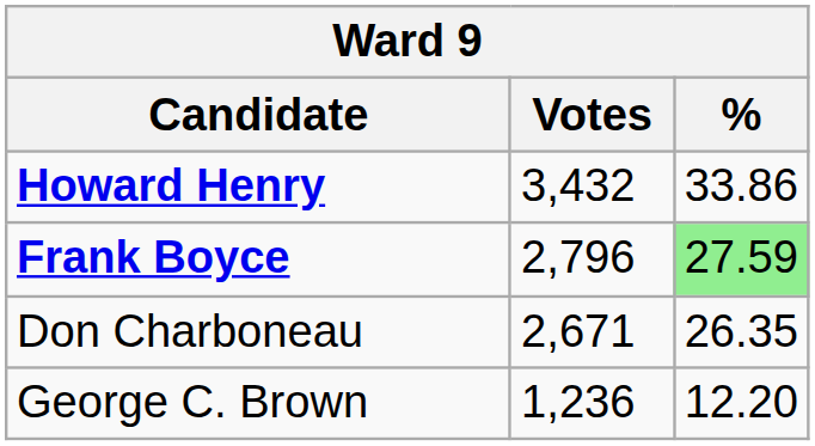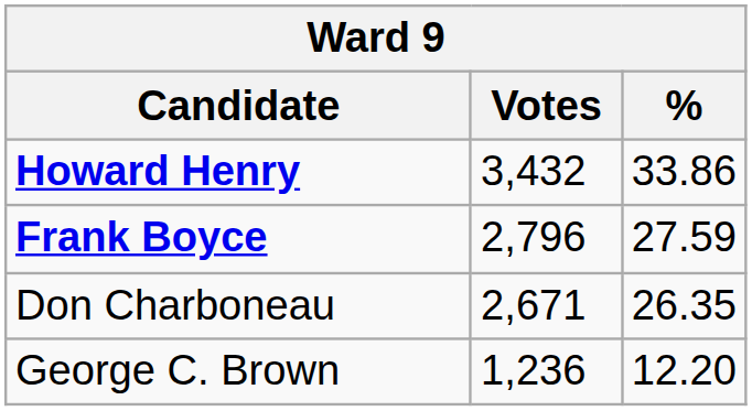 <table class="wikitable">
 <tr>
 <th colspan="3">Ward 9</th>
 </tr>
 <tr>
 <th style="width: 170px">Candidate</th>
 <th style="width: 50px">Votes</th>
 <th style="width: 40px">%</th>
 </tr>
 <tr>
 <td><strong><a href='#'>Howard Henry</a></strong></td>
 <td>3,432</td>
 <td>33.86</td>
 </tr>
 <tr>
 <td><strong><a href='#'>Frank Boyce</a></strong></td>
 <td>2,796</td>
-<td style="background: lightgreen;">27.59</td>
+<td>27.59</td>
 </tr>
 <tr>
 <td>Don Charboneau</td>
 <td>2,671</td>
 <td>26.35</td>
 </tr>
 <tr>
 <td>George C. Brown</td>
 <td>1,236</td>
 <td>12.20</td>
 </tr>
 </table>
